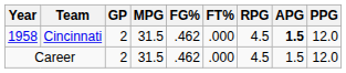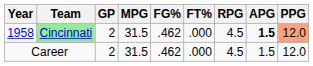 <table class="wikitable sortable" style="font-size:95%; text-align:right;">
 <tr>
 <th>Year</th>
 <th>Team</th>
 <th>GP</th>
 <th>MPG</th>
 <th>FG%</th>
 <th>FT%</th>
 <th>RPG</th>
 <th>APG</th>
 <th>PPG</th>
 </tr>
 <tr>
 <td style="text-align:left;"><a href='#'>1958</a></td>
-<td style="text-align:left;"><a href='#'>Cincinnati</a></td>
+<td style="background: lightgreen; text-align:left;"><a href='#'>Cincinnati</a></td>
 <td>2</td>
 <td>31.5</td>
 <td>.462</td>
 <td>.000</td>
 <td>4.5</td>
 <td><strong>1.5</strong></td>
-<td>12.0</td>
+<td style="background: lightsalmon;">12.0</td>
 </tr>
 <tr class="sortbottom">
 <td colspan="2" style="text-align:center;">Career</td>
 <td>2</td>
 <td>31.5</td>
 <td>.462</td>
 <td>.000</td>
 <td>4.5</td>
 <td>1.5</td>
 <td>12.0</td>
 </tr>
 </table>
